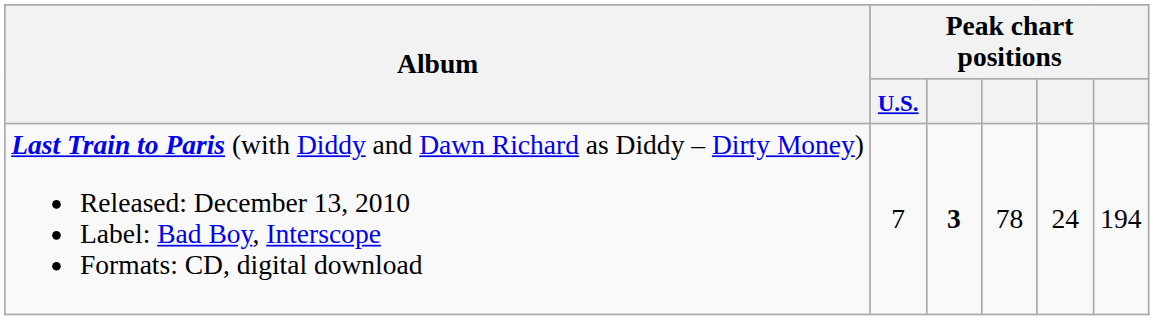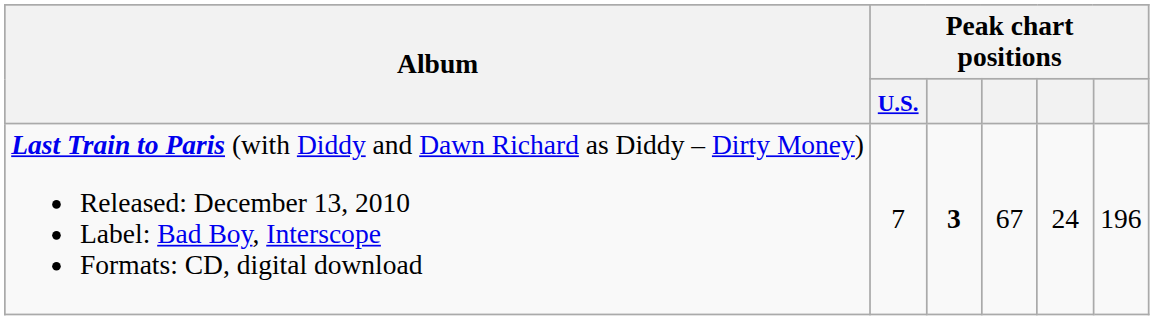 <table class="wikitable" style=text-align:center;>
 <tr>
 <th rowspan="2">Album</th>
 <th colspan="5">Peak chart<br> positions</th>
 </tr>
 <tr>
 <th style="width:25px;"><small><a href='#'>U.S.</a></small></th>
 <th style="width:25px;"></th>
 <th style="width:25px;"></th>
 <th style="width:25px;"></th>
 <th style="width:25px;"></th>
 </tr>
 <tr>
 <td align="left"><strong><em><a href='#'>Last Train to Paris</a></em></strong> (with <a href='#'>Diddy</a> and <a href='#'>Dawn Richard</a> as Diddy – <a href='#'>Dirty Money</a>)<br><ul><li>Released: December 13, 2010</li><li>Label: <a href='#'>Bad Boy</a>, <a href='#'>Interscope</a></li><li>Formats: CD, digital download</li></ul></td>
 <td style="text-align:center;">7</td>
 <td style="text-align:center;"><strong>3</strong></td>
-<td style="text-align:center;">78</td>
+<td style="text-align:center;">67</td>
 <td style="text-align:center;">24</td>
-<td style="text-align:center;">194</td>
+<td style="text-align:center;">196</td>
 </tr>
 </table>
